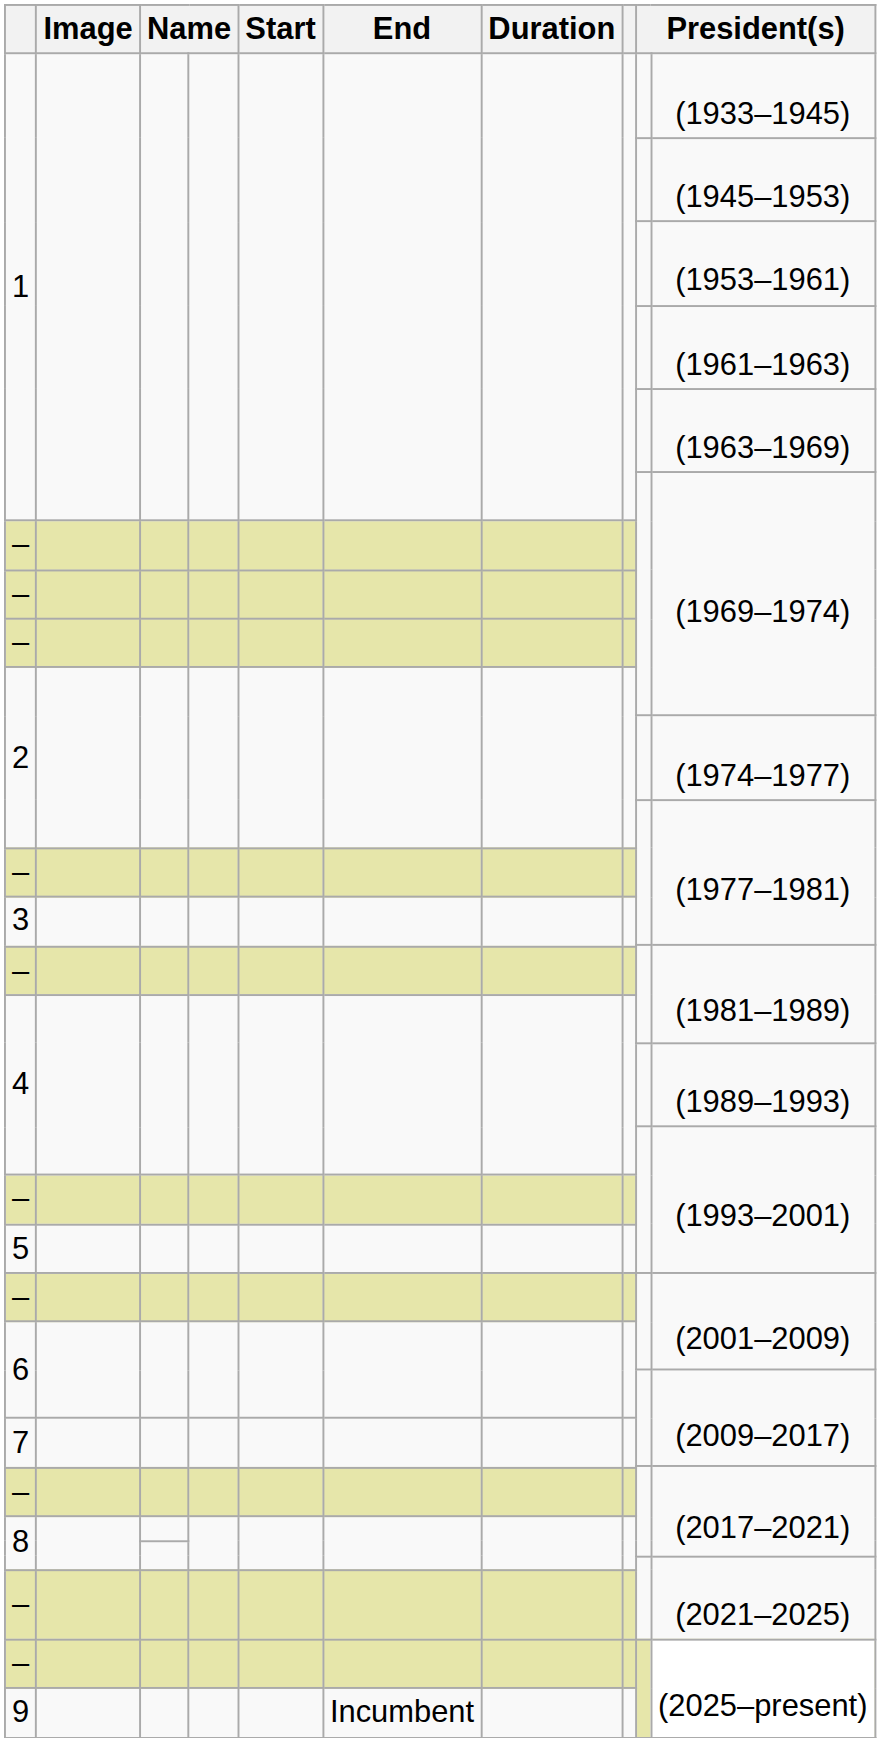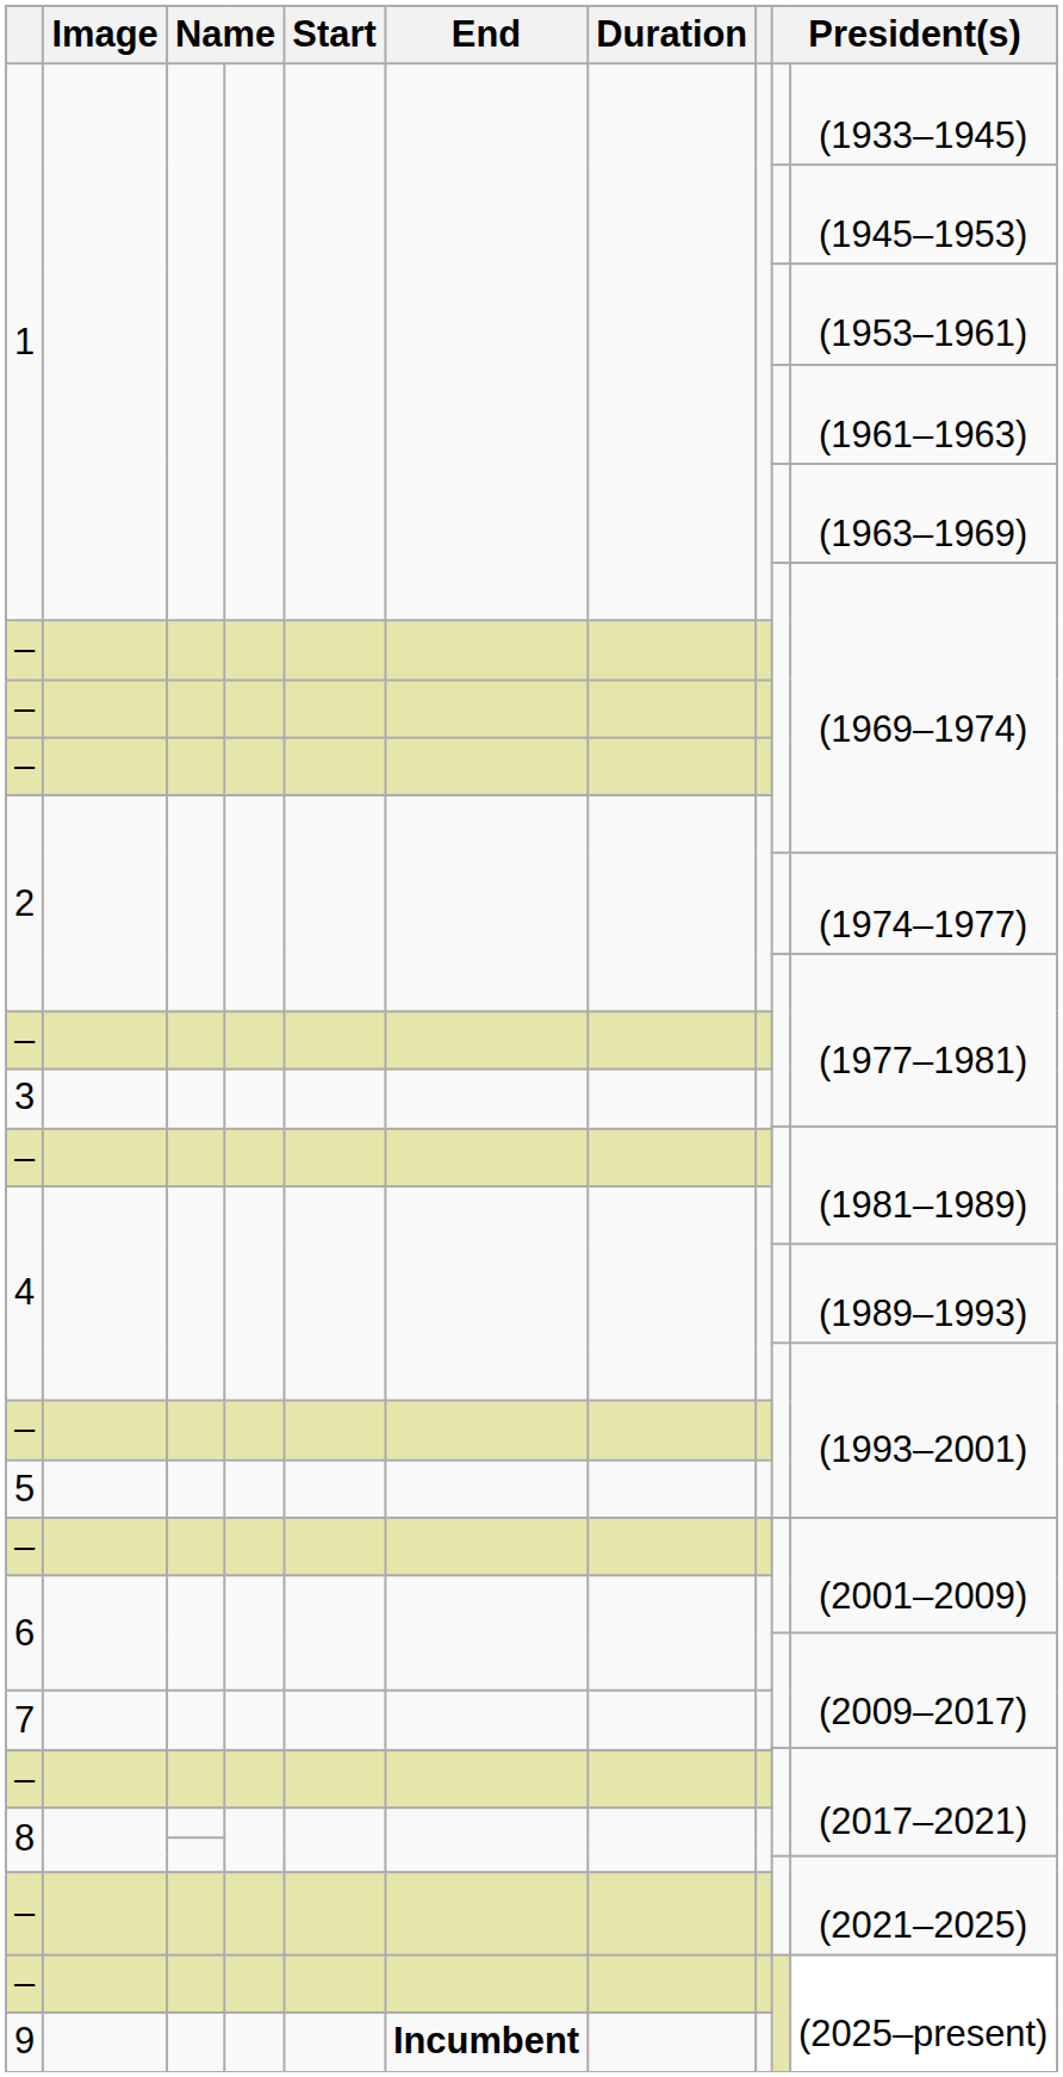 <table class="wikitable sortable" style="text-align:center" width:100%border:1px #AAAAFF solid">
 <tr>
 <th></th>
 <th class=unsortable>Image</th>
 <th colspan=2>Name</th>
 <th>Start</th>
 <th>End</th>
 <th>Duration</th>
 <th></th>
 <th colspan=2>President(s)</th>
 </tr>
 <tr>
 <td rowspan=6>1</td>
 <td rowspan=6></td>
 <td rowspan=6 style="background: "></td>
 <td rowspan=6></td>
 <td rowspan=6></td>
 <td rowspan=6></td>
 <td rowspan=6></td>
 <td rowspan=6></td>
 <td style="background: "></td>
 <td><br>(1933–1945)</td>
 </tr>
 <tr>
 <td style="background: "></td>
 <td><br>(1945–1953)</td>
 </tr>
 <tr>
 <td style="background: "></td>
 <td><br>(1953–1961)</td>
 </tr>
 <tr>
 <td style="background: "></td>
 <td><br>(1961–1963)</td>
 </tr>
 <tr>
 <td style="background: "></td>
 <td><br>(1963–1969)</td>
 </tr>
 <tr style="height: 25px;">
 <td rowspan=5 style="background: "></td>
 <td rowspan=5><br>(1969–1974)</td>
 </tr>
 <tr bgcolor="#e6e6aa">
 <td>–</td>
 <td></td>
 <td style="background: "></td>
 <td><br></td>
 <td></td>
 <td></td>
 <td></td>
 <td></td>
 </tr>
 <tr bgcolor="#e6e6aa">
 <td>–</td>
 <td></td>
 <td style="background: "></td>
 <td><br></td>
 <td></td>
 <td></td>
 <td></td>
 <td></td>
 </tr>
 <tr bgcolor="#e6e6aa">
 <td>–</td>
 <td></td>
 <td style="background: "></td>
 <td><br></td>
 <td></td>
 <td></td>
 <td></td>
 <td></td>
 </tr>
 <tr style="height: 25px;">
 <td rowspan=3>2</td>
 <td rowspan=3></td>
 <td rowspan=3 style="background: "></td>
 <td rowspan=3></td>
 <td rowspan=3></td>
 <td rowspan=3></td>
 <td rowspan=3></td>
 <td rowspan=3></td>
 </tr>
 <tr>
 <td style="background: "></td>
 <td><br>(1974–1977)</td>
 </tr>
 <tr style="height: 25px;">
 <td rowspan=3 style="background: "></td>
 <td rowspan=3><br>(1977–1981)</td>
 </tr>
 <tr bgcolor="#e6e6aa">
 <td>–</td>
 <td></td>
 <td style="background: "></td>
 <td><br></td>
 <td></td>
 <td></td>
 <td></td>
 <td></td>
 </tr>
 <tr style="height: 25px;">
 <td rowspan=2>3</td>
 <td rowspan=2></td>
 <td rowspan=2 style="background: "></td>
 <td rowspan=2></td>
 <td rowspan=2></td>
 <td rowspan=2></td>
 <td rowspan=2></td>
 <td rowspan=2></td>
 </tr>
 <tr>
 <td rowspan=3 style="background: "></td>
 <td rowspan=3><br>(1981–1989)</td>
 </tr>
 <tr bgcolor="#e6e6aa">
 <td>–</td>
 <td></td>
 <td style="background: "></td>
 <td><br></td>
 <td></td>
 <td></td>
 <td></td>
 <td></td>
 </tr>
 <tr style="height: 25px;">
 <td rowspan=3>4</td>
 <td rowspan=3></td>
 <td rowspan=3 style="background: "></td>
 <td rowspan=3></td>
 <td rowspan=3></td>
 <td rowspan=3></td>
 <td rowspan=3></td>
 <td rowspan=3></td>
 </tr>
 <tr>
 <td style="background: "></td>
 <td><br>(1989–1993)</td>
 </tr>
 <tr style="height: 25px;">
 <td rowspan=3 style="background: "></td>
 <td rowspan=3><br>(1993–2001)</td>
 </tr>
 <tr bgcolor="#e6e6aa">
 <td>–</td>
 <td></td>
 <td style="background: "></td>
 <td><br></td>
 <td></td>
 <td></td>
 <td></td>
 <td></td>
 </tr>
 <tr style="height: 25px;">
 <td rowspan=2>5</td>
 <td rowspan=2></td>
 <td rowspan=2 style="background: "></td>
 <td rowspan=2></td>
 <td rowspan=2></td>
 <td rowspan=2></td>
 <td rowspan=2></td>
 <td rowspan=2></td>
 </tr>
 <tr>
 <td rowspan=3 style="background: "></td>
 <td rowspan=3><br>(2001–2009)</td>
 </tr>
 <tr bgcolor="#e6e6aa">
 <td>–</td>
 <td></td>
 <td style="background: "></td>
 <td><br></td>
 <td></td>
 <td></td>
 <td></td>
 <td></td>
 </tr>
 <tr style="height: 25px;">
 <td rowspan=2>6</td>
 <td rowspan=2></td>
 <td rowspan=2 style="background: "></td>
 <td rowspan=2></td>
 <td rowspan=2></td>
 <td rowspan=2></td>
 <td rowspan=2></td>
 <td rowspan=2></td>
 </tr>
 <tr style="height: 25px;">
 <td rowspan=2 style="background: "></td>
 <td rowspan=2><br>(2009–2017)</td>
 </tr>
 <tr style="height: 25px;">
 <td rowspan=2>7</td>
 <td rowspan=2></td>
 <td rowspan=2 style="background: linear-gradient("></td>
 <td rowspan=2></td>
 <td rowspan=2></td>
 <td rowspan=2></td>
 <td rowspan=2></td>
 <td rowspan=2></td>
 </tr>
 <tr>
 <td rowspan=4 style="background: "></td>
 <td rowspan=4><br>(2017–2021)</td>
 </tr>
 <tr bgcolor="#e6e6aa">
 <td>–</td>
 <td></td>
 <td style="background: "></td>
 <td><br></td>
 <td></td>
 <td></td>
 <td></td>
 <td></td>
 </tr>
 <tr>
 <td rowspan=3>8</td>
 <td rowspan=3></td>
 <td></td>
 <td rowspan=3></td>
 <td rowspan=3></td>
 <td rowspan=3></td>
 <td rowspan=3></td>
 <td rowspan=3></td>
 </tr>
 <tr>
 <td rowspan=2 style="background: "></td>
 </tr>
 <tr>
 <td rowspan=2 style="background: "></td>
 <td rowspan=2><br>(2021–2025)</td>
 </tr>
 <tr bgcolor="#e6e6aa">
 <td>–</td>
 <td></td>
 <td style="background: "></td>
 <td><br></td>
 <td></td>
 <td></td>
 <td></td>
 <td></td>
 </tr>
 <tr bgcolor="#e6e6aa">
 <td>–</td>
 <td></td>
 <td style="background: "></td>
 <td><br></td>
 <td></td>
 <td></td>
 <td></td>
 <td></td>
 <td rowspan=2 style="background: "></td>
 <td rowspan=2 bgcolor="#ffffff"><br>(2025–present)</td>
 </tr>
 <tr>
 <td>9</td>
 <td></td>
 <td style="background: "></td>
 <td></td>
 <td></td>
-<td>Incumbent</td>
+<td><strong>Incumbent</strong></td>
 <td></td>
 <td></td>
 </tr>
 <tr>
 </tr>
 </table>
